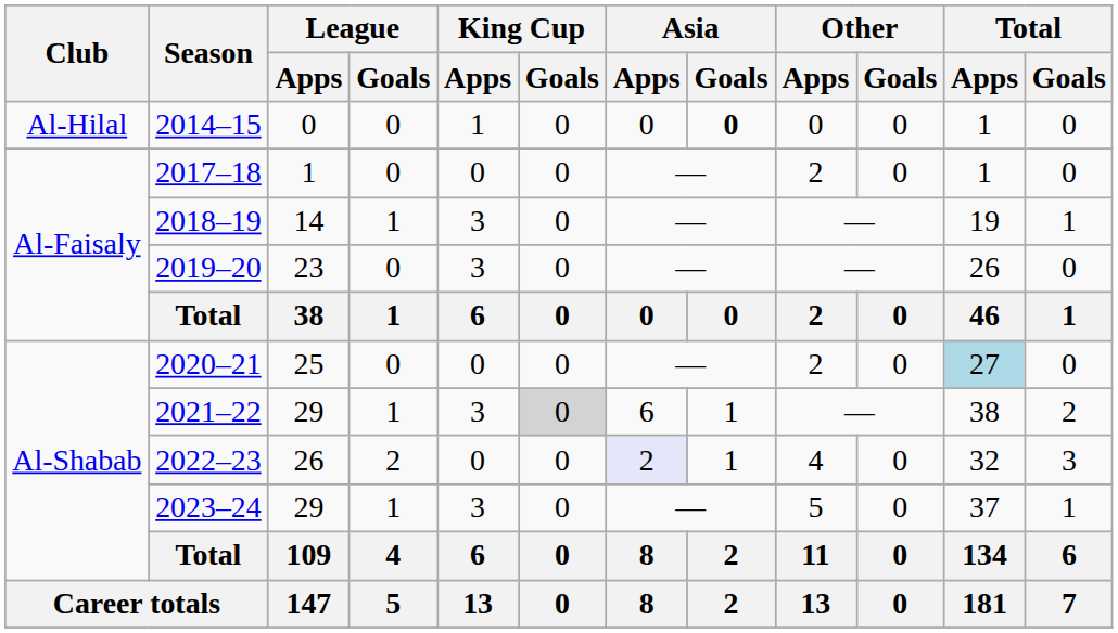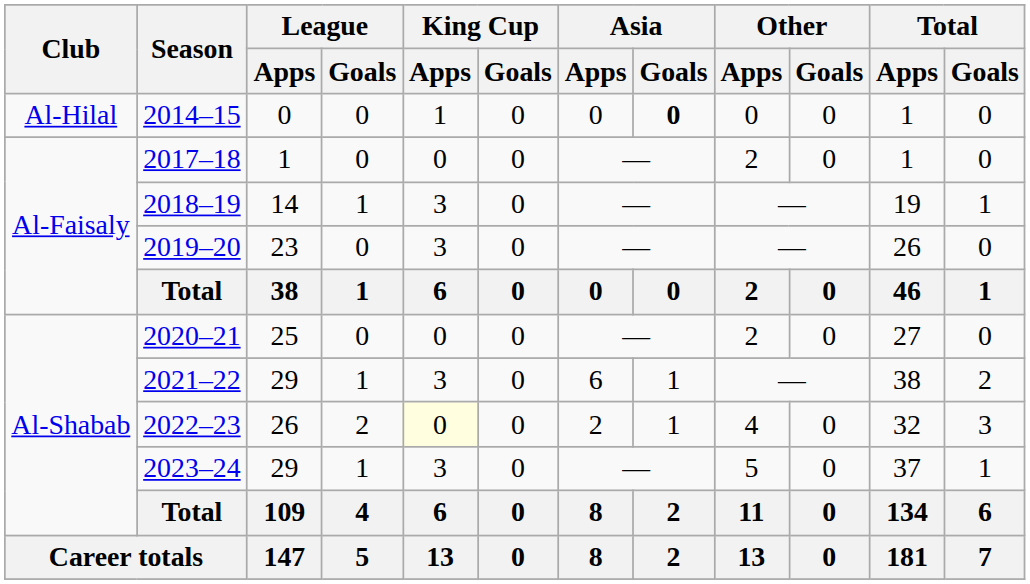 <table class="wikitable" style="text-align: center">
 <tr>
 <th rowspan=2>Club</th>
 <th rowspan=2>Season</th>
 <th colspan=2>League</th>
 <th colspan=2>King Cup</th>
 <th colspan=2>Asia</th>
 <th colspan=2>Other</th>
 <th colspan=2>Total</th>
 </tr>
 <tr>
 <th>Apps</th>
 <th>Goals</th>
 <th>Apps</th>
 <th>Goals</th>
 <th>Apps</th>
 <th>Goals</th>
 <th>Apps</th>
 <th>Goals</th>
 <th>Apps</th>
 <th>Goals</th>
 </tr>
 <tr>
 <td rowspan=1><a href='#'>Al-Hilal</a></td>
 <td><a href='#'>2014–15</a></td>
 <td>0</td>
 <td>0</td>
 <td>1</td>
 <td>0</td>
 <td>0</td>
 <td><strong>0</strong></td>
 <td>0</td>
 <td>0</td>
 <td>1</td>
 <td>0</td>
 </tr>
 <tr>
 <td rowspan=4><a href='#'>Al-Faisaly</a></td>
 <td><a href='#'>2017–18</a></td>
 <td>1</td>
 <td>0</td>
 <td>0</td>
 <td>0</td>
 <td colspan=2>—</td>
 <td>2</td>
 <td>0</td>
 <td>1</td>
 <td>0</td>
 </tr>
 <tr>
 <td><a href='#'>2018–19</a></td>
 <td>14</td>
 <td>1</td>
 <td>3</td>
 <td>0</td>
 <td colspan=2>—</td>
 <td colspan=2>—</td>
 <td>19</td>
 <td>1</td>
 </tr>
 <tr>
 <td><a href='#'>2019–20</a></td>
 <td>23</td>
 <td>0</td>
 <td>3</td>
 <td>0</td>
 <td colspan=2>—</td>
 <td colspan=2>—</td>
 <td>26</td>
 <td>0</td>
 </tr>
 <tr>
 <th>Total</th>
 <th>38</th>
 <th>1</th>
 <th>6</th>
 <th>0</th>
 <th>0</th>
 <th>0</th>
 <th>2</th>
 <th>0</th>
 <th>46</th>
 <th>1</th>
 </tr>
 <tr>
 <td rowspan=5><a href='#'>Al-Shabab</a></td>
 <td><a href='#'>2020–21</a></td>
 <td>25</td>
 <td>0</td>
 <td>0</td>
 <td>0</td>
 <td colspan=2>—</td>
 <td>2</td>
 <td>0</td>
-<td style="background: lightblue;">27</td>
+<td>27</td>
 <td>0</td>
 </tr>
 <tr>
 <td><a href='#'>2021–22</a></td>
 <td>29</td>
 <td>1</td>
 <td>3</td>
-<td style="background: lightgrey;">0</td>
+<td>0</td>
 <td>6</td>
 <td>1</td>
 <td colspan=2>—</td>
 <td>38</td>
 <td>2</td>
 </tr>
 <tr>
 <td><a href='#'>2022–23</a></td>
 <td>26</td>
 <td>2</td>
+<td style="background: lightyellow;">0</td>
 <td>0</td>
-<td>0</td>
-<td style="background: lavender;">2</td>
+<td>2</td>
 <td>1</td>
 <td>4</td>
 <td>0</td>
 <td>32</td>
 <td>3</td>
 </tr>
 <tr>
 <td><a href='#'>2023–24</a></td>
 <td>29</td>
 <td>1</td>
 <td>3</td>
 <td>0</td>
 <td colspan=2>—</td>
 <td>5</td>
 <td>0</td>
 <td>37</td>
 <td>1</td>
 </tr>
 <tr>
 <th>Total</th>
 <th>109</th>
 <th>4</th>
 <th>6</th>
 <th>0</th>
 <th>8</th>
 <th>2</th>
 <th>11</th>
 <th>0</th>
 <th>134</th>
 <th>6</th>
 </tr>
 <tr>
 <th colspan=2>Career totals</th>
 <th>147</th>
 <th>5</th>
 <th>13</th>
 <th>0</th>
 <th>8</th>
 <th>2</th>
 <th>13</th>
 <th>0</th>
 <th>181</th>
 <th>7</th>
 </tr>
 </table>
